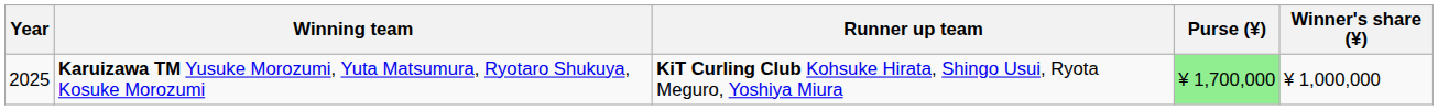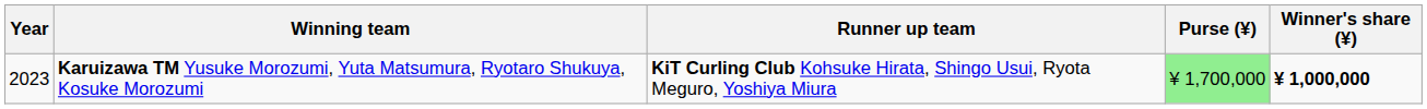 <table class="wikitable">
 <tr>
 <th scope="col">Year</th>
 <th scope="col">Winning team</th>
 <th scope="col">Runner up team</th>
 <th scope="col">Purse (¥)</th>
 <th scope="col">Winner's share (¥)</th>
 </tr>
 <tr>
-<td>2025</td>
+<td>2023</td>
 <td> <strong>Karuizawa TM</strong> <a href='#'>Yusuke Morozumi</a>, <a href='#'>Yuta Matsumura</a>, <a href='#'>Ryotaro Shukuya</a>, <a href='#'>Kosuke Morozumi</a></td>
 <td> <strong>KiT Curling Club</strong> <a href='#'>Kohsuke Hirata</a>, <a href='#'>Shingo Usui</a>, Ryota Meguro, <a href='#'>Yoshiya Miura</a></td>
 <td style="background: lightgreen;">¥ 1,700,000</td>
-<td>¥ 1,000,000</td>
+<td><strong>¥ 1,000,000</strong></td>
 </tr>
 </table>
